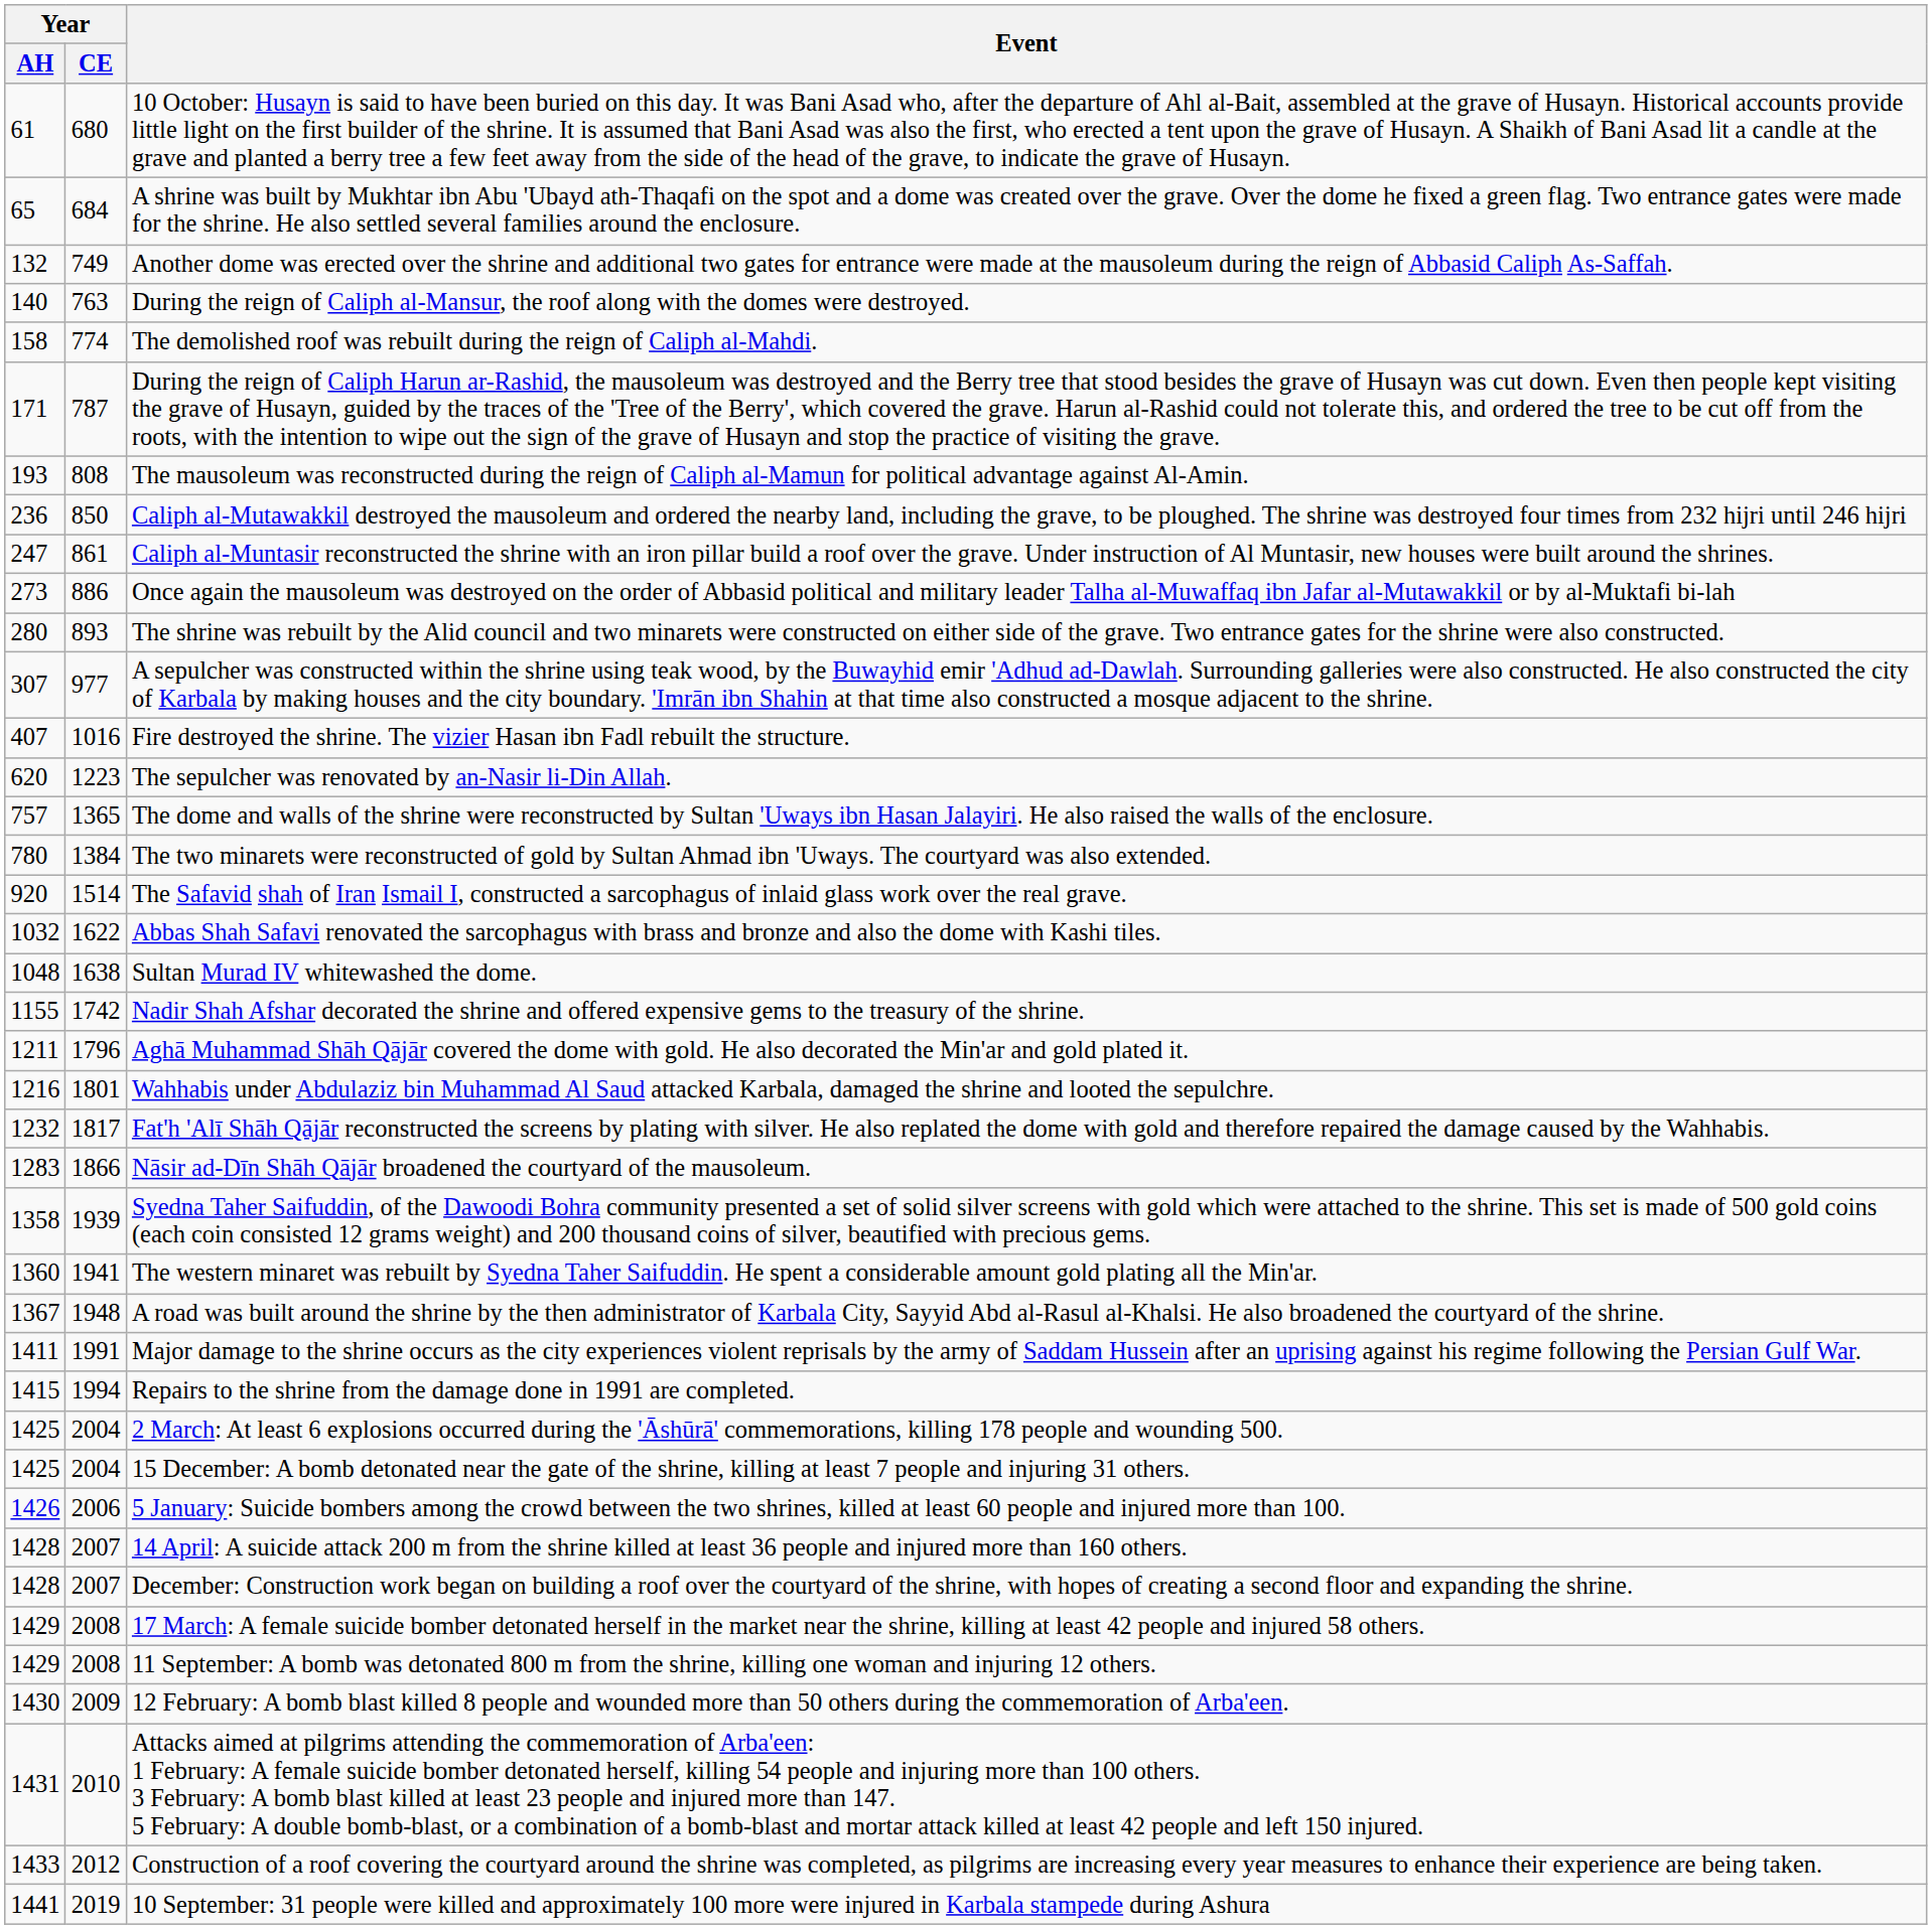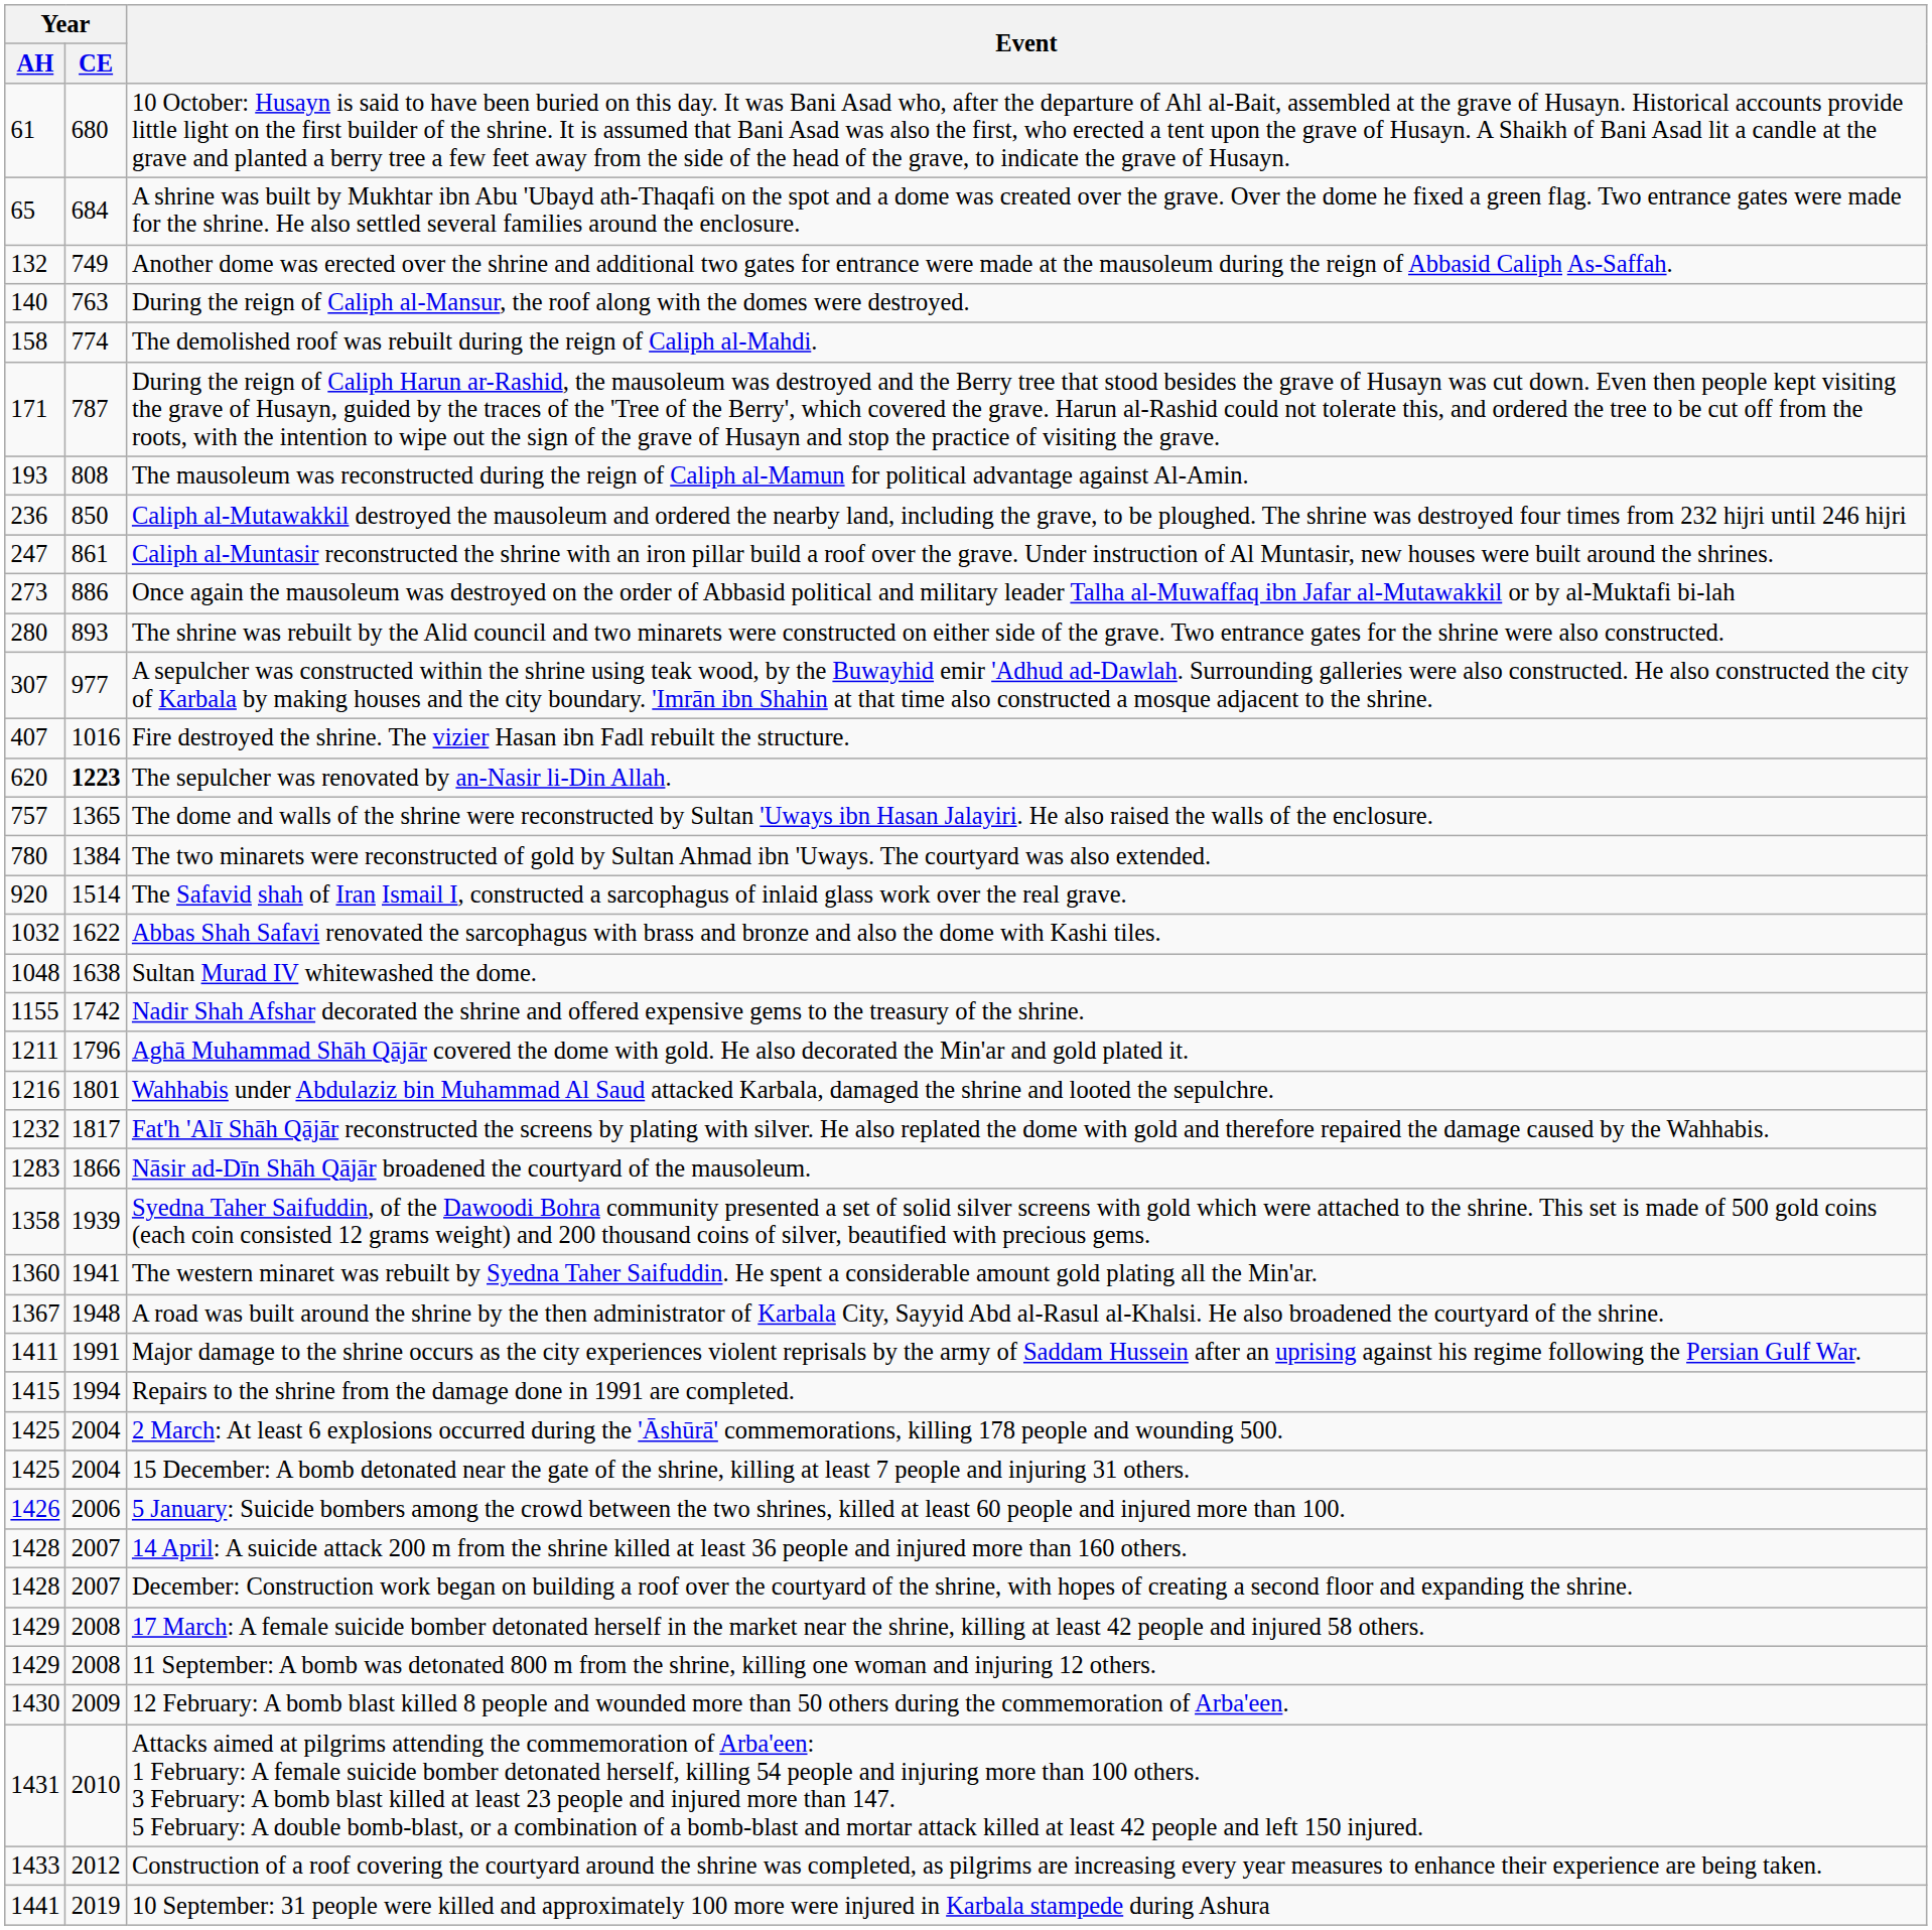 <table class="wikitable">
 <tr>
 <th colspan=2>Year</th>
 <th rowspan=2>Event</th>
 </tr>
 <tr>
 <th><a href='#'>AH</a></th>
 <th><a href='#'>CE</a></th>
 </tr>
 <tr>
 <td>61</td>
 <td>680</td>
 <td>10 October: <a href='#'>Husayn</a> is said to have been buried on this day. It was Bani Asad who, after the departure of Ahl al-Bait, assembled at the grave of Husayn. Historical accounts provide little light on the first builder of the shrine. It is assumed that Bani Asad was also the first, who erected a tent upon the grave of Husayn. A Shaikh of Bani Asad lit a candle at the grave and planted a berry tree a few feet away from the side of the head of the grave, to indicate the grave of Husayn.</td>
 </tr>
 <tr>
 <td>65</td>
 <td>684</td>
 <td>A shrine was built by Mukhtar ibn Abu 'Ubayd ath-Thaqafi on the spot and a dome was created over the grave. Over the dome he fixed a green flag. Two entrance gates were made for the shrine. He also settled several families around the enclosure.</td>
 </tr>
 <tr>
 <td>132</td>
 <td>749</td>
 <td>Another dome was erected over the shrine and additional two gates for entrance were made at the mausoleum during the reign of <a href='#'>Abbasid Caliph</a> <a href='#'>As-Saffah</a>.</td>
 </tr>
 <tr>
 <td>140</td>
 <td>763</td>
 <td>During the reign of <a href='#'>Caliph al-Mansur</a>, the roof along with the domes were destroyed.</td>
 </tr>
 <tr>
 <td>158</td>
 <td>774</td>
 <td>The demolished roof was rebuilt during the reign of <a href='#'>Caliph al-Mahdi</a>.</td>
 </tr>
 <tr>
 <td>171</td>
 <td>787</td>
 <td>During the reign of <a href='#'>Caliph Harun ar-Rashid</a>, the mausoleum was destroyed and the Berry tree that stood besides the grave of Husayn was cut down. Even then people kept visiting the grave of Husayn, guided by the traces of the 'Tree of the Berry', which covered the grave. Harun al-Rashid could not tolerate this, and ordered the tree to be cut off from the roots, with the intention to wipe out the sign of the grave of Husayn and stop the practice of visiting the grave.</td>
 </tr>
 <tr>
 <td>193</td>
 <td>808</td>
 <td>The mausoleum was reconstructed during the reign of <a href='#'>Caliph al-Mamun</a> for political advantage against Al-Amin.</td>
 </tr>
 <tr>
 <td>236</td>
 <td>850</td>
 <td><a href='#'>Caliph al-Mutawakkil</a> destroyed the mausoleum and ordered the nearby land, including the grave, to be ploughed. The shrine was destroyed four times from 232 hijri until 246 hijri</td>
 </tr>
 <tr>
 <td>247</td>
 <td>861</td>
 <td><a href='#'>Caliph al-Muntasir</a> reconstructed the shrine with an iron pillar build a roof over the grave. Under instruction of Al Muntasir, new houses were built around the shrines.</td>
 </tr>
 <tr>
 <td>273</td>
 <td>886</td>
 <td>Once again the mausoleum was destroyed on the order of Abbasid political and military leader <a href='#'>Talha al-Muwaffaq ibn Jafar al-Mutawakkil</a> or by al-Muktafi bi-lah</td>
 </tr>
 <tr>
 <td>280</td>
 <td>893</td>
 <td>The shrine was rebuilt by the Alid council and two minarets were constructed on either side of the grave. Two entrance gates for the shrine were also constructed.</td>
 </tr>
 <tr>
 <td>307</td>
 <td>977</td>
 <td>A sepulcher was constructed within the shrine using teak wood, by the <a href='#'>Buwayhid</a> emir <a href='#'>'Adhud ad-Dawlah</a>. Surrounding galleries were also constructed. He also constructed the city of <a href='#'>Karbala</a> by making houses and the city boundary. <a href='#'>'Imrān ibn Shahin</a> at that time also constructed a mosque adjacent to the shrine.</td>
 </tr>
 <tr>
 <td>407</td>
 <td>1016</td>
 <td>Fire destroyed the shrine. The <a href='#'>vizier</a> Hasan ibn Fadl rebuilt the structure.</td>
 </tr>
 <tr>
 <td>620</td>
-<td>1223</td>
+<td><strong>1223</strong></td>
 <td>The sepulcher was renovated by <a href='#'>an-Nasir li-Din Allah</a>.</td>
 </tr>
 <tr>
 <td>757</td>
 <td>1365</td>
 <td>The dome and walls of the shrine were reconstructed by Sultan <a href='#'>'Uways ibn Hasan Jalayiri</a>. He also raised the walls of the enclosure.</td>
 </tr>
 <tr>
 <td>780</td>
 <td>1384</td>
 <td>The two minarets were reconstructed of gold by Sultan Ahmad ibn 'Uways. The courtyard was also extended.</td>
 </tr>
 <tr>
 <td>920</td>
 <td>1514</td>
 <td>The <a href='#'>Safavid</a> <a href='#'>shah</a> of <a href='#'>Iran</a> <a href='#'>Ismail I</a>, constructed a sarcophagus of inlaid glass work over the real grave.</td>
 </tr>
 <tr>
 <td>1032</td>
 <td>1622</td>
 <td><a href='#'>Abbas Shah Safavi</a> renovated the sarcophagus with brass and bronze and also the dome with Kashi tiles.</td>
 </tr>
 <tr>
 <td>1048</td>
 <td>1638</td>
 <td>Sultan <a href='#'>Murad IV</a> whitewashed the dome.</td>
 </tr>
 <tr>
 <td>1155</td>
 <td>1742</td>
 <td><a href='#'>Nadir Shah Afshar</a> decorated the shrine and offered expensive gems to the treasury of the shrine.</td>
 </tr>
 <tr>
 <td>1211</td>
 <td>1796</td>
 <td><a href='#'>Aghā Muhammad Shāh Qājār</a> covered the dome with gold. He also decorated the Min'ar and gold plated it.</td>
 </tr>
 <tr>
 <td>1216</td>
 <td>1801</td>
 <td><a href='#'>Wahhabis</a> under <a href='#'>Abdulaziz bin Muhammad Al Saud</a> attacked Karbala, damaged the shrine and looted the sepulchre.</td>
 </tr>
 <tr>
 <td>1232</td>
 <td>1817</td>
 <td><a href='#'>Fat'h 'Alī Shāh Qājār</a> reconstructed the screens by plating with silver. He also replated the dome with gold and therefore repaired the damage caused by the Wahhabis.</td>
 </tr>
 <tr>
 <td>1283</td>
 <td>1866</td>
 <td><a href='#'>Nāsir ad-Dīn Shāh Qājār</a> broadened the courtyard of the mausoleum.</td>
 </tr>
 <tr>
 <td>1358</td>
 <td>1939</td>
 <td><a href='#'>Syedna Taher Saifuddin</a>, of the <a href='#'>Dawoodi Bohra</a> community presented a set of solid silver screens with gold which were attached to the shrine. This set is made of 500 gold coins (each coin consisted 12 grams weight) and 200 thousand coins of silver, beautified with precious gems.</td>
 </tr>
 <tr>
 <td>1360</td>
 <td>1941</td>
 <td>The western minaret was rebuilt by <a href='#'>Syedna Taher Saifuddin</a>. He spent a considerable amount gold plating all the Min'ar.</td>
 </tr>
 <tr>
 <td>1367</td>
 <td>1948</td>
 <td>A road was built around the shrine by the then administrator of <a href='#'>Karbala</a> City, Sayyid Abd al-Rasul al-Khalsi. He also broadened the courtyard of the shrine.</td>
 </tr>
 <tr>
 <td>1411</td>
 <td>1991</td>
 <td>Major damage to the shrine occurs as the city experiences violent reprisals by the army of <a href='#'>Saddam Hussein</a> after an <a href='#'>uprising</a> against his regime following the <a href='#'>Persian Gulf War</a>.</td>
 </tr>
 <tr>
 <td>1415</td>
 <td>1994</td>
 <td>Repairs to the shrine from the damage done in 1991 are completed.</td>
 </tr>
 <tr>
 <td>1425</td>
 <td>2004</td>
 <td><a href='#'>2 March</a>: At least 6 explosions occurred during the <a href='#'>'Āshūrā'</a> commemorations, killing 178 people and wounding 500.</td>
 </tr>
 <tr>
 <td>1425</td>
 <td>2004</td>
 <td>15 December: A bomb detonated near the gate of the shrine, killing at least 7 people and injuring 31 others.</td>
 </tr>
 <tr>
 <td><a href='#'>1426</a></td>
 <td>2006</td>
 <td><a href='#'>5 January</a>: Suicide bombers among the crowd between the two shrines, killed at least 60 people and injured more than 100.</td>
 </tr>
 <tr>
 <td>1428</td>
 <td>2007</td>
 <td><a href='#'>14 April</a>: A suicide attack 200 m from the shrine killed at least 36 people and injured more than 160 others.</td>
 </tr>
 <tr>
 <td>1428</td>
 <td>2007</td>
 <td>December: Construction work began on building a roof over the courtyard of the shrine, with hopes of creating a second floor and expanding the shrine.</td>
 </tr>
 <tr>
 <td>1429</td>
 <td>2008</td>
 <td><a href='#'>17 March</a>: A female suicide bomber detonated herself in the market near the shrine, killing at least 42 people and injured 58 others.</td>
 </tr>
 <tr>
 <td>1429</td>
 <td>2008</td>
 <td>11 September: A bomb was detonated 800 m from the shrine, killing one woman and injuring 12 others.</td>
 </tr>
 <tr>
 <td>1430</td>
 <td>2009</td>
 <td>12 February: A bomb blast killed 8 people and wounded more than 50 others during the commemoration of <a href='#'>Arba'een</a>.</td>
 </tr>
 <tr>
 <td>1431</td>
 <td>2010</td>
 <td>Attacks aimed at pilgrims attending the commemoration of <a href='#'>Arba'een</a>:<br>1 February: A female suicide bomber detonated herself, killing 54 people and injuring more than 100 others.<br>3 February: A bomb blast killed at least 23 people and injured more than 147.<br>5 February: A double bomb-blast, or a combination of a bomb-blast and mortar attack killed at least 42 people and left 150 injured.</td>
 </tr>
 <tr>
 <td>1433</td>
 <td>2012</td>
 <td>Construction of a roof covering the courtyard around the shrine was completed, as pilgrims are increasing every year measures to enhance their experience are being taken.</td>
 </tr>
 <tr>
 <td>1441</td>
 <td>2019</td>
 <td>10 September: 31 people were killed and approximately 100 more were injured in <a href='#'>Karbala stampede</a> during Ashura</td>
 </tr>
 </table>
